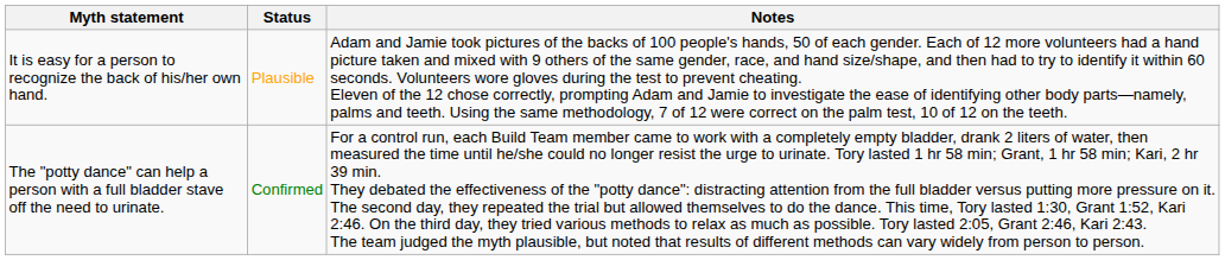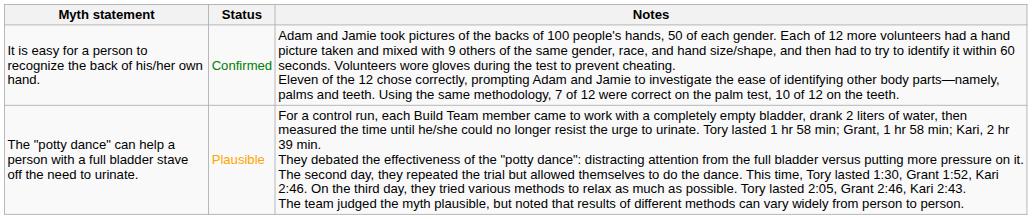 <table class="wikitable plainrowheaders">
 <tr>
 <th>Myth statement</th>
 <th>Status</th>
 <th>Notes</th>
 </tr>
 <tr>
 <td>It is easy for a person to recognize the back of his/her own hand.</td>
-<td style="color:orange">Plausible</td>
+<td style="color:green">Confirmed</td>
 <td>Adam and Jamie took pictures of the backs of 100 people's hands, 50 of each gender. Each of 12 more volunteers had a hand picture taken and mixed with 9 others of the same gender, race, and hand size/shape, and then had to try to identify it within 60 seconds. Volunteers wore gloves during the test to prevent cheating.<br>Eleven of the 12 chose correctly, prompting Adam and Jamie to investigate the ease of identifying other body parts—namely, palms and teeth. Using the same methodology, 7 of 12 were correct on the palm test, 10 of 12 on the teeth.</td>
 </tr>
 <tr>
 <td>The "potty dance" can help a person with a full bladder stave off the need to urinate.</td>
-<td style="color:green">Confirmed</td>
+<td style="color:orange">Plausible</td>
 <td>For a control run, each Build Team member came to work with a completely empty bladder, drank 2 liters of water, then measured the time until he/she could no longer resist the urge to urinate. Tory lasted 1 hr 58 min; Grant, 1 hr 58 min; Kari, 2 hr 39 min.<br>They debated the effectiveness of the "potty dance": distracting attention from the full bladder versus putting more pressure on it. The second day, they repeated the trial but allowed themselves to do the dance. This time, Tory lasted 1:30, Grant 1:52, Kari 2:46. On the third day, they tried various methods to relax as much as possible. Tory lasted 2:05, Grant 2:46, Kari 2:43.<br>The team judged the myth plausible, but noted that results of different methods can vary widely from person to person.</td>
 </tr>
 </table>
